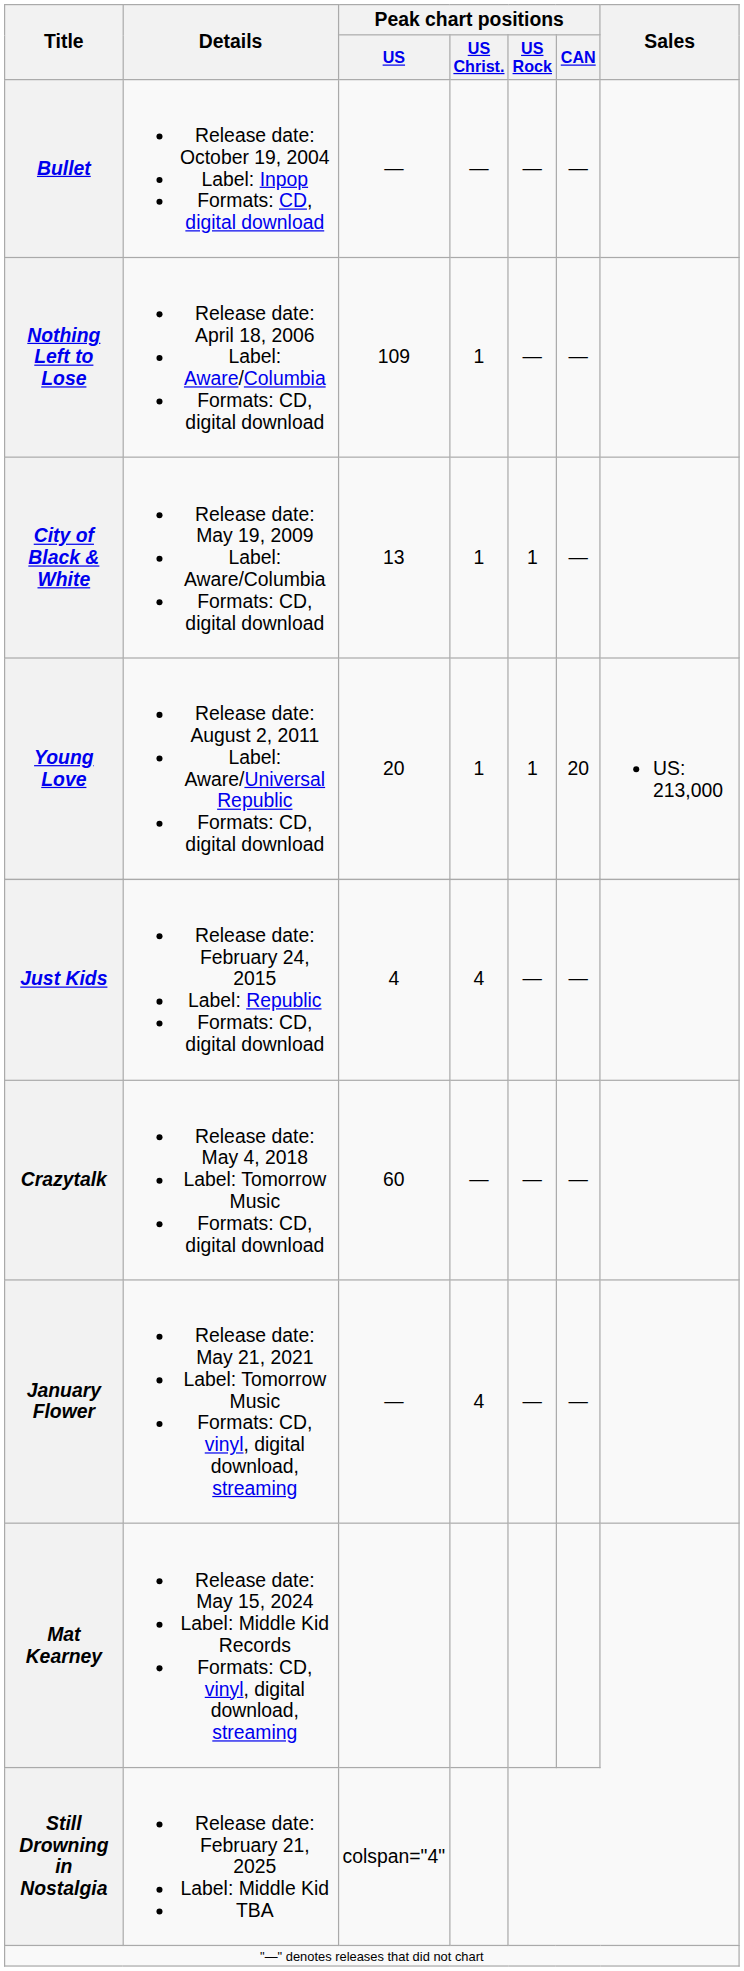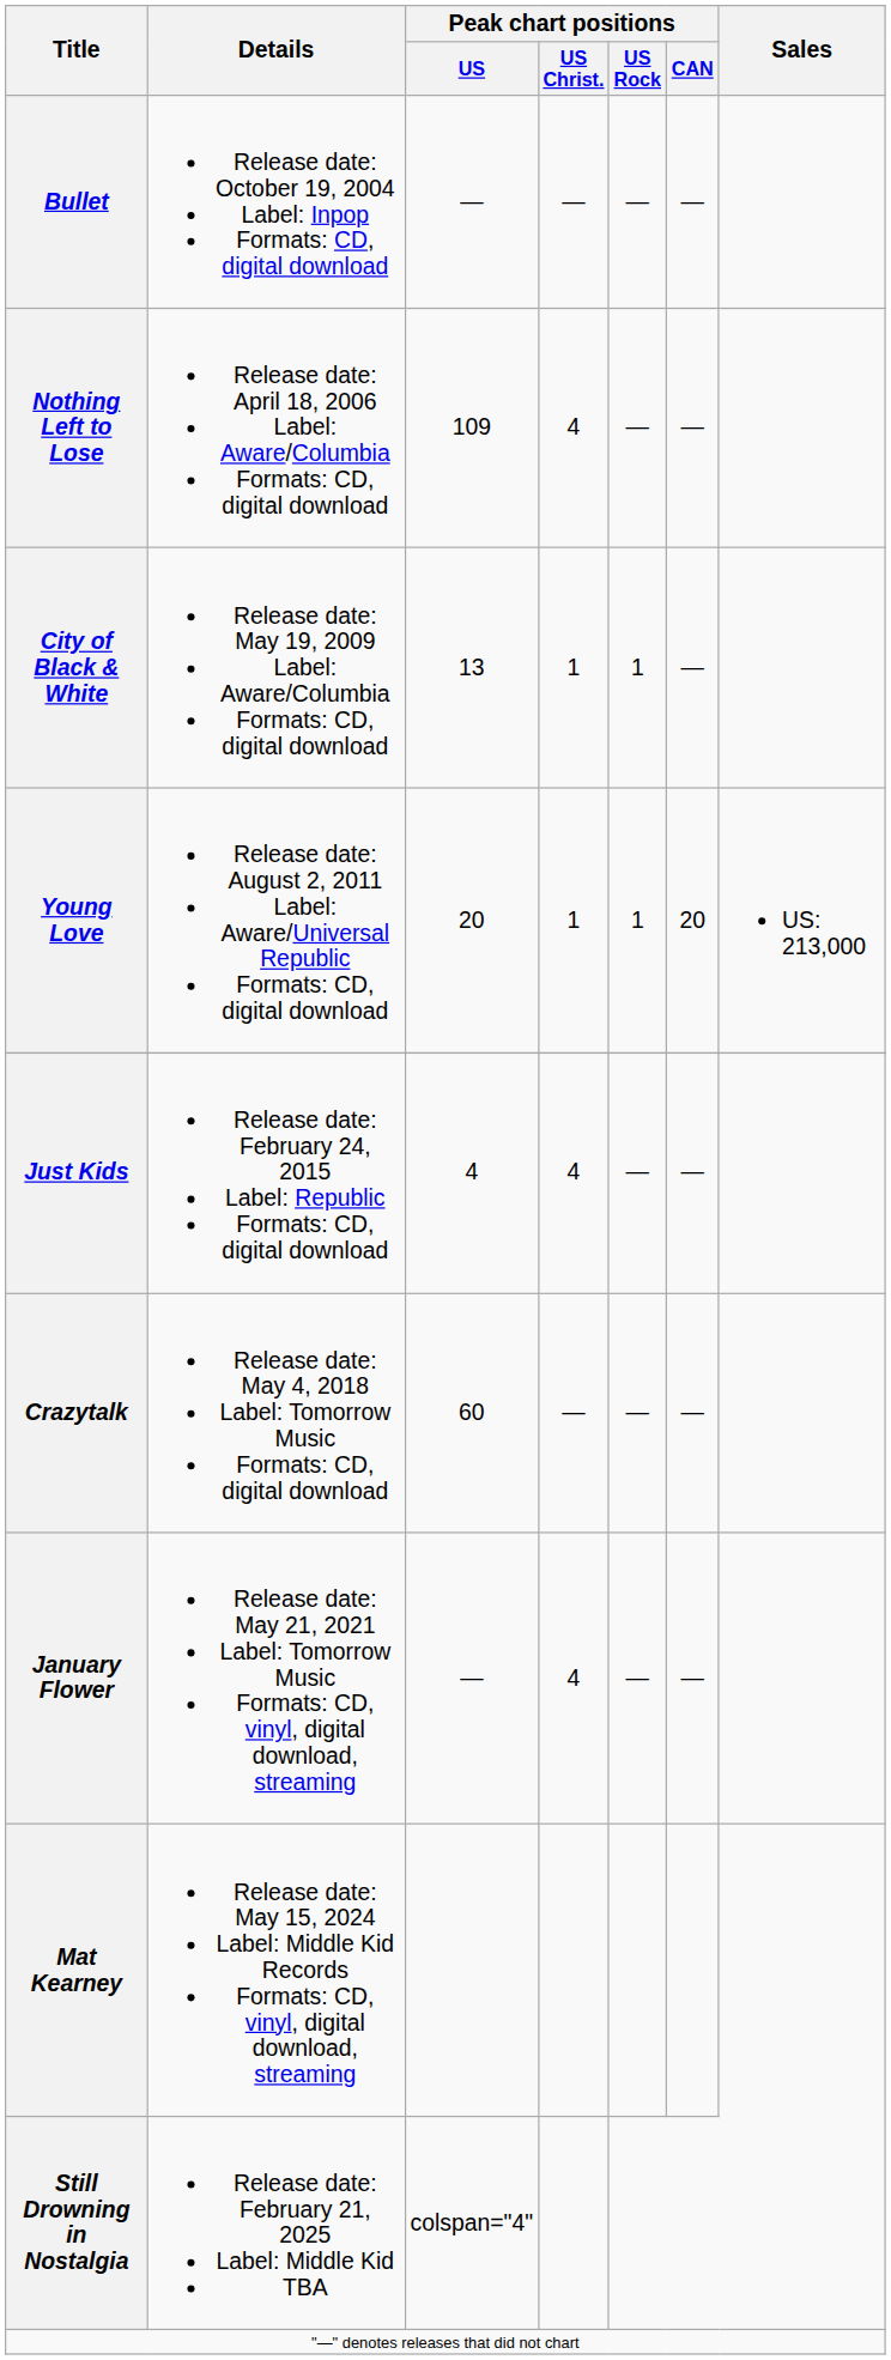 <table class="wikitable plainrowheaders" style="text-align:center;">
 <tr>
 <th rowspan="2" style="width:15em;">Title</th>
 <th rowspan="2" style="width:18em;">Details</th>
 <th colspan="4">Peak chart positions</th>
 <th rowspan="2" style="width:12em;">Sales</th>
 </tr>
 <tr style="font-size:smaller;">
 <th style="width:40px;"><a href='#'>US</a><br></th>
 <th style="width:40px;"><a href='#'>US<br>Christ.</a><br></th>
 <th style="width:40px;"><a href='#'>US Rock</a><br></th>
 <th style="width:40px;"><a href='#'>CAN</a><br></th>
 </tr>
 <tr>
 <th scope="row"><em><a href='#'>Bullet</a></em></th>
 <td><br><ul><li>Release date: October 19, 2004</li><li>Label: <a href='#'>Inpop</a></li><li>Formats: <a href='#'>CD</a>, <a href='#'>digital download</a></li></ul></td>
 <td>—</td>
 <td>—</td>
 <td>—</td>
 <td>—</td>
 <td style="text-align:left;"></td>
 </tr>
 <tr>
 <th scope="row"><em><a href='#'>Nothing Left to Lose</a></em></th>
 <td><br><ul><li>Release date: April 18, 2006</li><li>Label: <a href='#'>Aware</a>/<a href='#'>Columbia</a></li><li>Formats: CD, digital download</li></ul></td>
 <td>109</td>
-<td>1</td>
+<td>4</td>
 <td>—</td>
 <td>—</td>
 <td style="text-align:left;"></td>
 </tr>
 <tr>
 <th scope="row"><em><a href='#'>City of Black & White</a></em></th>
 <td><br><ul><li>Release date: May 19, 2009</li><li>Label: Aware/Columbia</li><li>Formats: CD, digital download</li></ul></td>
 <td>13</td>
 <td>1</td>
 <td>1</td>
 <td>—</td>
 <td style="text-align:left;"></td>
 </tr>
 <tr>
 <th scope="row"><em><a href='#'>Young Love</a></em></th>
 <td><br><ul><li>Release date: August 2, 2011</li><li>Label: Aware/<a href='#'>Universal Republic</a></li><li>Formats: CD, digital download</li></ul></td>
 <td>20</td>
 <td>1</td>
 <td>1</td>
 <td>20</td>
 <td style="text-align:left;"><br><ul><li>US: 213,000</li></ul></td>
 </tr>
 <tr>
 </tr>
 <tr>
 <th scope="row"><em><a href='#'>Just Kids</a></em></th>
 <td><br><ul><li>Release date: February 24, 2015</li><li>Label: <a href='#'>Republic</a></li><li>Formats: CD, digital download</li></ul></td>
 <td>4</td>
 <td>4</td>
 <td>—</td>
 <td>—</td>
 <td style="text-align:left;"></td>
 </tr>
 <tr>
 <th scope="row"><em>Crazytalk</em></th>
 <td><br><ul><li>Release date: May 4, 2018</li><li>Label: Tomorrow Music</li><li>Formats: CD, digital download</li></ul></td>
 <td>60</td>
 <td>—</td>
 <td>—</td>
 <td>—</td>
 <td style="text-align:left;"></td>
 </tr>
 <tr>
 <th scope="row"><em>January Flower</em></th>
 <td><br><ul><li>Release date: May 21, 2021</li><li>Label: Tomorrow Music</li><li>Formats: CD, <a href='#'>vinyl</a>, digital download, <a href='#'>streaming</a></li></ul></td>
 <td>—</td>
 <td>4</td>
 <td>—</td>
 <td>—</td>
 <td style="text-align:left;"></td>
 </tr>
 <tr>
 <th scope="row"><em>Mat Kearney</em></th>
 <td><br><ul><li>Release date: May 15, 2024</li><li>Label: Middle Kid Records</li><li>Formats: CD, <a href='#'>vinyl</a>, digital download, <a href='#'>streaming</a></li></ul></td>
 <td></td>
 <td></td>
 <td></td>
 <td></td>
 </tr>
 <tr>
 <th scope="row"><em>Still Drowning in Nostalgia</em></th>
 <td><br><ul><li>Release date: February 21, 2025</li><li>Label: Middle Kid</li><li>TBA</li></ul></td>
 <td>colspan="4" </td>
 <td style="text-align:left;"></td>
 </tr>
 <tr>
 <td colspan="10" style="font-size:8pt">"—" denotes releases that did not chart</td>
 </tr>
 </table>
